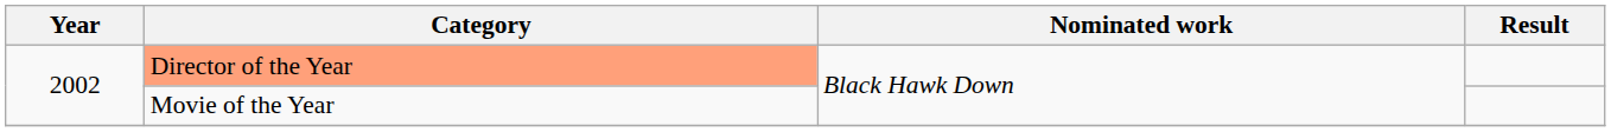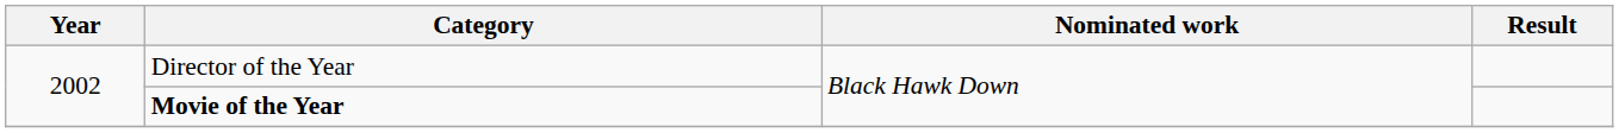 <table class=wikitable>
 <tr>
 <th scope="col" style="width:5em;">Year</th>
 <th scope="col" style="width:26em;">Category</th>
 <th scope="col" style="width:25em;">Nominated work</th>
 <th scope="col" style="width:5em;">Result</th>
 </tr>
 <tr>
 <td style="text-align:center;", rowspan=2>2002</td>
-<td style="background: lightsalmon;">Director of the Year</td>
+<td>Director of the Year</td>
 <td rowspan=2><em>Black Hawk Down</em></td>
 <td></td>
 </tr>
 <tr>
-<td>Movie of the Year</td>
+<td><strong>Movie of the Year</strong></td>
 <td></td>
 </tr>
 <tr>
 </tr>
 </table>
